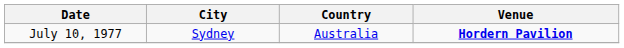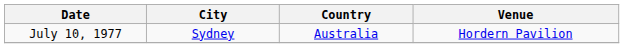 <table class="wikitable" style="text-align:center;">
 <tr>
 <th width="150">Date</th>
 <th width="140">City</th>
 <th width="140">Country</th>
 <th width="220">Venue</th>
 </tr>
 <tr>
 <td>July 10, 1977</td>
 <td><a href='#'>Sydney</a></td>
 <td><a href='#'>Australia</a></td>
-<td><strong><a href='#'>Hordern Pavilion</a></strong></td>
+<td><a href='#'>Hordern Pavilion</a></td>
 </tr>
 <tr>
 </tr>
 </table>
